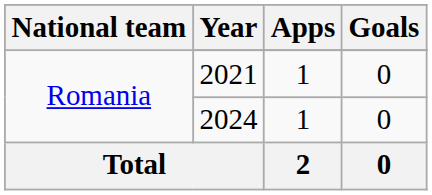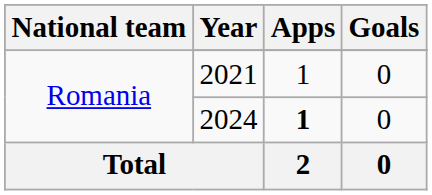 <table class="wikitable" style="text-align: center;">
 <tr>
 <th>National team</th>
 <th>Year</th>
 <th>Apps</th>
 <th>Goals</th>
 </tr>
 <tr>
 <td rowspan="3"><a href='#'>Romania</a></td>
 </tr>
 <tr>
 <td>2021</td>
 <td>1</td>
 <td>0</td>
 </tr>
 <tr>
 <td>2024</td>
-<td>1</td>
+<td><strong>1</strong></td>
 <td>0</td>
 </tr>
 <tr>
 <th colspan=2>Total</th>
 <th>2</th>
 <th>0</th>
 </tr>
 </table>
